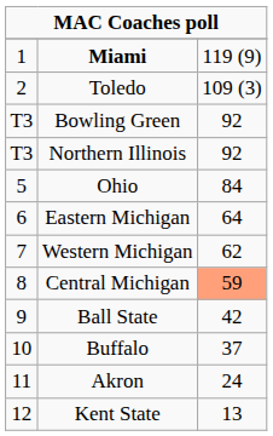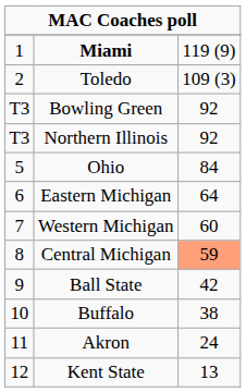 <table class="wikitable" style="display: inline-table;">
 <tr align="center">
 <td align="center" Colspan="3"><strong>MAC Coaches poll</strong></td>
 </tr>
 <tr align="center">
 </tr>
 <tr align="center">
 <td>1</td>
 <td><strong>Miami</strong></td>
 <td>119 (9)</td>
 </tr>
 <tr align="center">
 <td>2</td>
 <td>Toledo</td>
 <td>109 (3)</td>
 </tr>
 <tr align="center">
 <td>T3</td>
 <td>Bowling Green</td>
 <td>92</td>
 </tr>
 <tr align="center">
 <td>T3</td>
 <td>Northern Illinois</td>
 <td>92</td>
 </tr>
 <tr align="center">
 <td>5</td>
 <td>Ohio</td>
 <td>84</td>
 </tr>
 <tr align="center">
 <td>6</td>
 <td>Eastern Michigan</td>
 <td>64</td>
 </tr>
 <tr align="center">
 <td>7</td>
 <td>Western Michigan</td>
-<td>62</td>
+<td>60</td>
 </tr>
 <tr align="center">
 <td>8</td>
 <td>Central Michigan</td>
 <td style="background: lightsalmon;">59</td>
 </tr>
 <tr align="center">
 <td>9</td>
 <td>Ball State</td>
 <td>42</td>
 </tr>
 <tr align="center">
 <td>10</td>
 <td>Buffalo</td>
-<td>37</td>
+<td>38</td>
 </tr>
 <tr align="center">
 <td>11</td>
 <td>Akron</td>
 <td>24</td>
 </tr>
 <tr align="center">
 <td>12</td>
 <td>Kent State</td>
 <td>13</td>
 </tr>
 </table>
